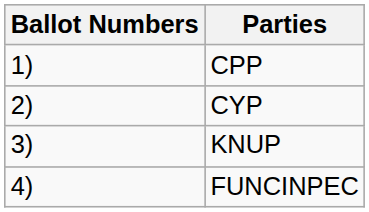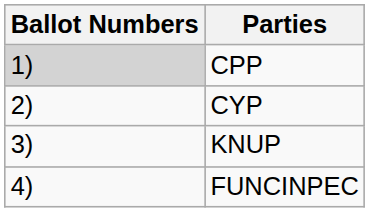 <table class="wikitable">
 <tr>
 <th>Ballot Numbers</th>
 <th>Parties</th>
 </tr>
 <tr>
-<td>1)</td>
+<td style="background: lightgrey;">1)</td>
 <td>CPP</td>
 </tr>
 <tr>
 <td>2)</td>
 <td>CYP</td>
 </tr>
 <tr>
 <td>3)</td>
 <td>KNUP</td>
 </tr>
 <tr>
 <td>4)</td>
 <td>FUNCINPEC</td>
 </tr>
 </table>
